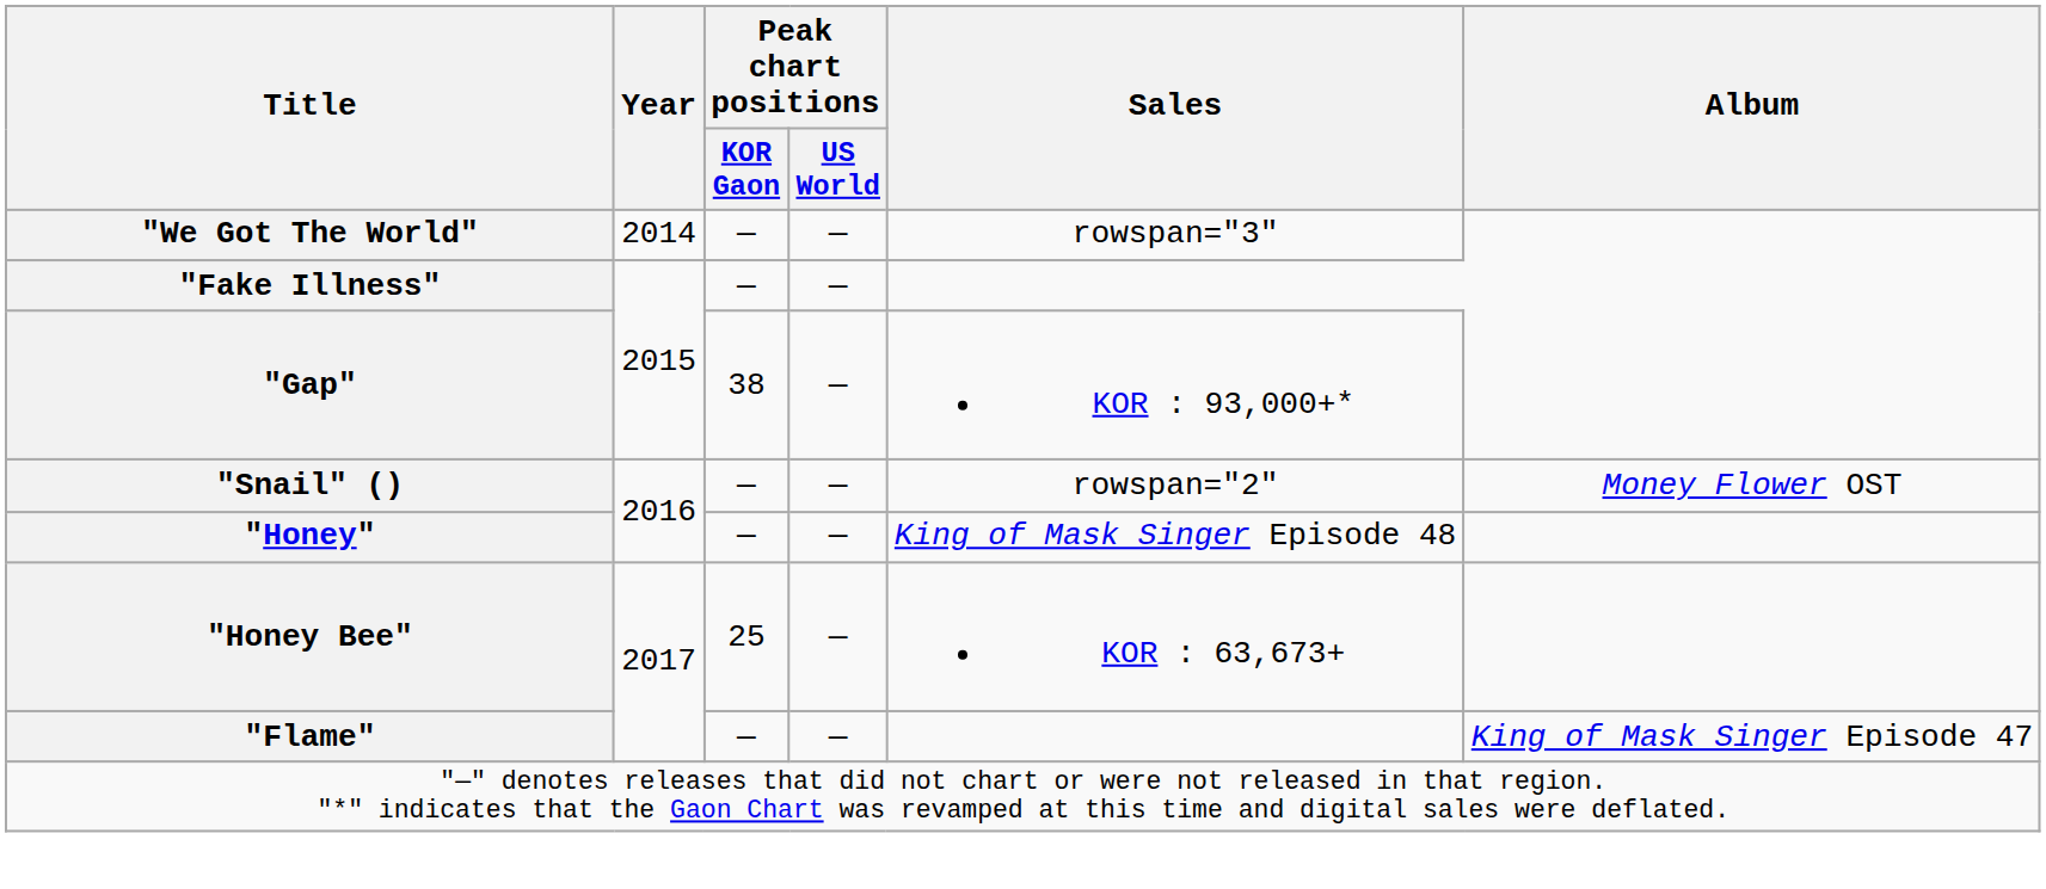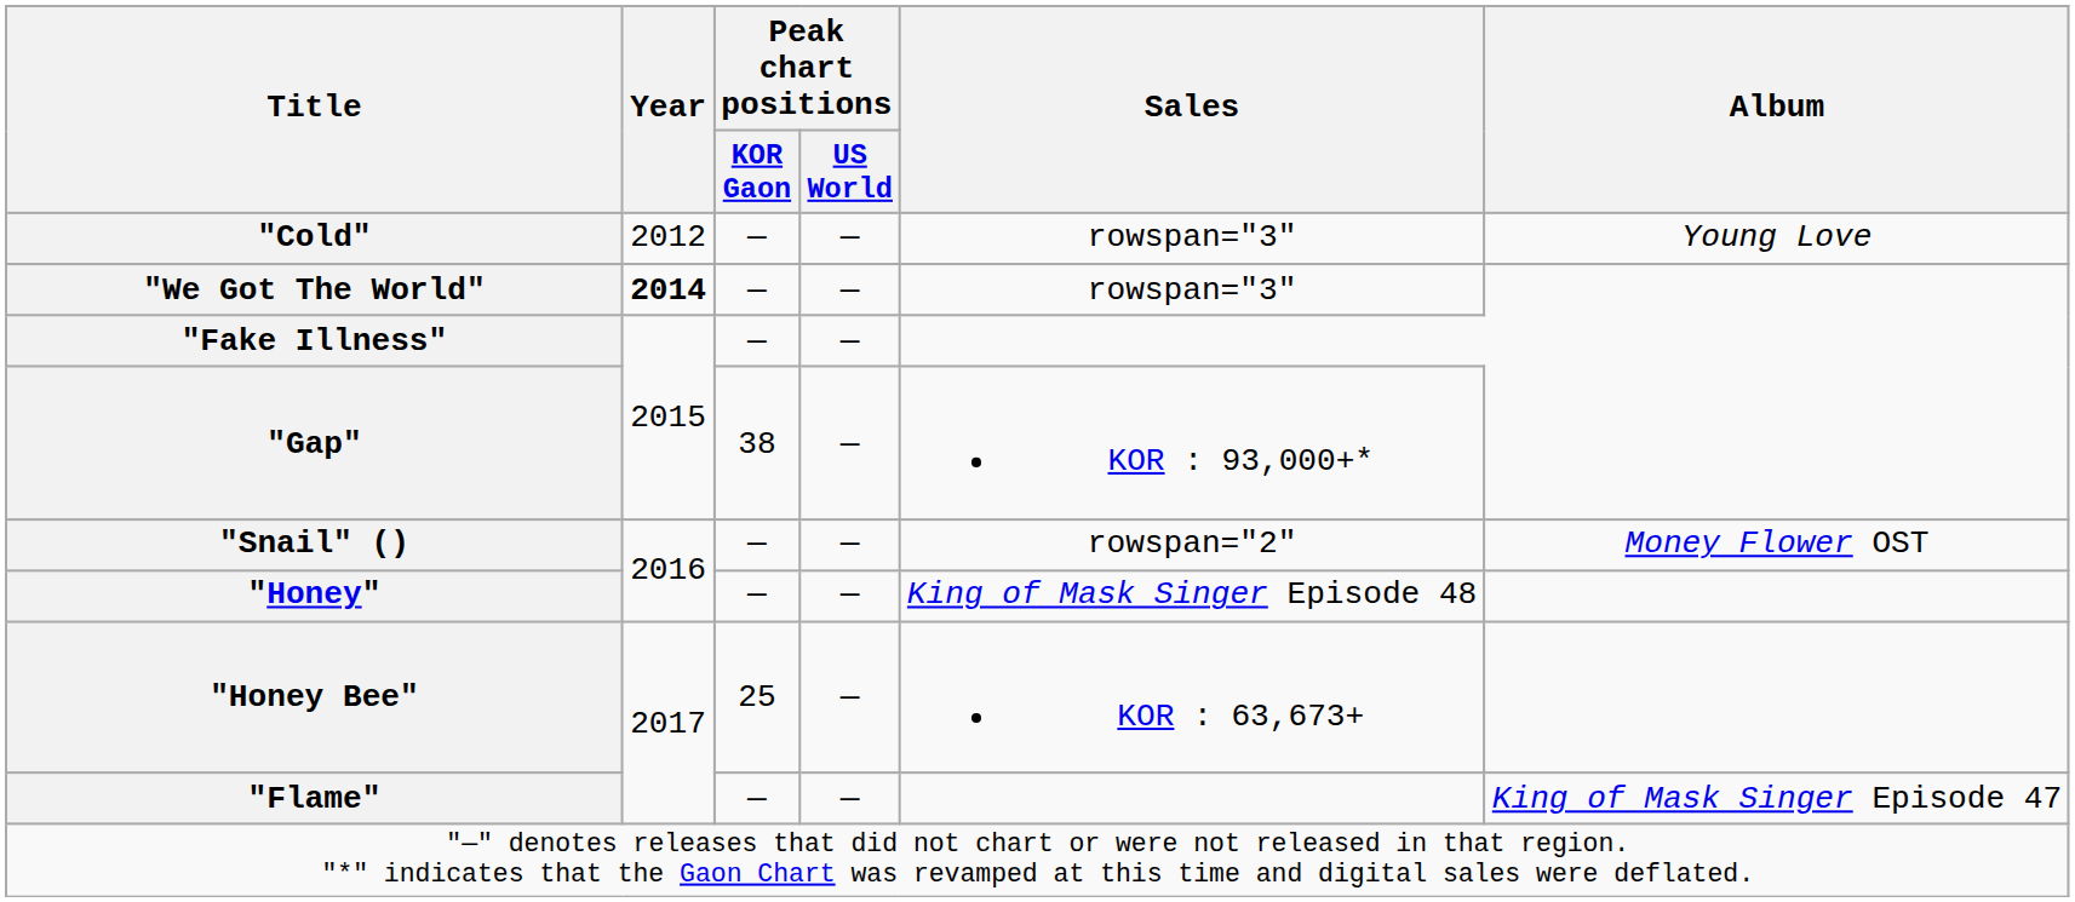 <table class="wikitable plainrowheaders" style="text-align:center">
 <tr>
 <th scope="col" rowspan="2" style="width:19em">Title</th>
 <th scope="col" rowspan="2">Year</th>
 <th scope="col" colspan="2">Peak chart positions</th>
 <th scope="col" rowspan="2">Sales</th>
 <th scope="col" rowspan="2">Album</th>
 </tr>
 <tr>
 <th style="text-align:center; width:30px; font-size:90%"><a href='#'>KOR<br>Gaon</a><br></th>
 <th style="text-align:center; width:30px; font-size:90%"><a href='#'>US<br>World</a></th>
 </tr>
 <tr>
+<th scope="row">"Cold"<br></th>
+<td>2012</td>
+<td>—</td>
+<td>—</td>
+<td>rowspan="3" </td>
+<td><em>Young Love</em></td>
+</tr>
+<tr>
 <th scope="row">"We Got The World"<br></th>
-<td>2014</td>
+<td><strong>2014</strong></td>
 <td>—</td>
 <td>—</td>
 <td>rowspan="3" </td>
 </tr>
 <tr>
 <th scope="row">"Fake Illness"<br></th>
 <td rowspan="2">2015</td>
 <td>—</td>
 <td>—</td>
 </tr>
 <tr>
 <th scope="row">"Gap"<br></th>
 <td>38</td>
 <td>—</td>
 <td><br><ul><li><a href='#'>KOR</a> : 93,000+*</li></ul></td>
 </tr>
 <tr>
 <th scope="row">"Snail" ()<br></th>
 <td rowspan="2">2016</td>
 <td>—</td>
 <td>—</td>
 <td>rowspan="2" </td>
 <td><em><a href='#'>Money Flower</a></em> OST</td>
 </tr>
 <tr>
 <th scope="row">"<a href='#'>Honey</a>"<br></th>
 <td>—</td>
 <td>—</td>
 <td><em><a href='#'>King of Mask Singer</a></em> Episode 48</td>
 </tr>
 <tr>
 <th scope="row">"Honey Bee"<br></th>
 <td rowspan="2">2017</td>
 <td>25</td>
 <td>—</td>
 <td><br><ul><li><a href='#'>KOR</a> : 63,673+</li></ul></td>
 <td></td>
 </tr>
 <tr>
 <th scope="row">"Flame"<br></th>
 <td>—</td>
 <td>—</td>
 <td></td>
 <td><em><a href='#'>King of Mask Singer</a></em> Episode 47</td>
 </tr>
 <tr>
 <td colspan="6" style="text-align:center; font-size:8pt">"—" denotes releases that did not chart or were not released in that region.<br>"*" indicates that the <a href='#'>Gaon Chart</a> was revamped at this time and digital sales were deflated.</td>
 </tr>
 </table>
